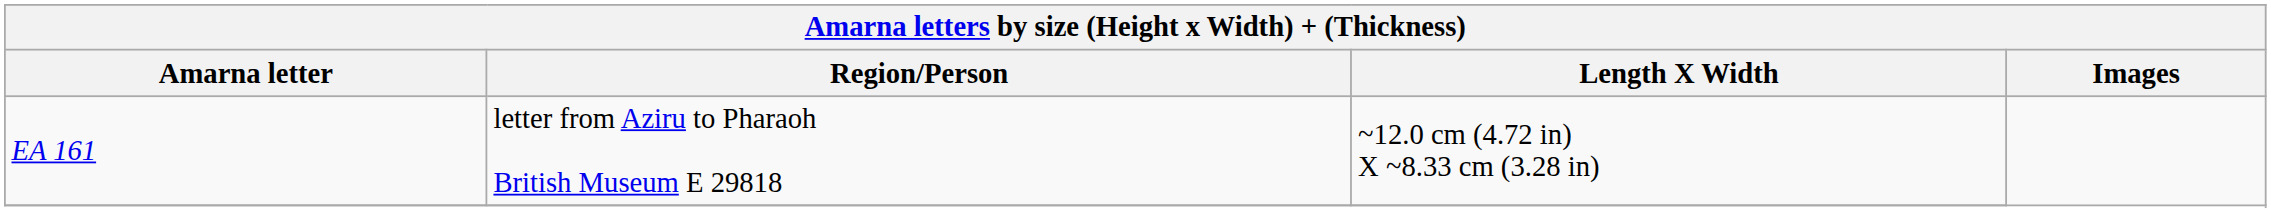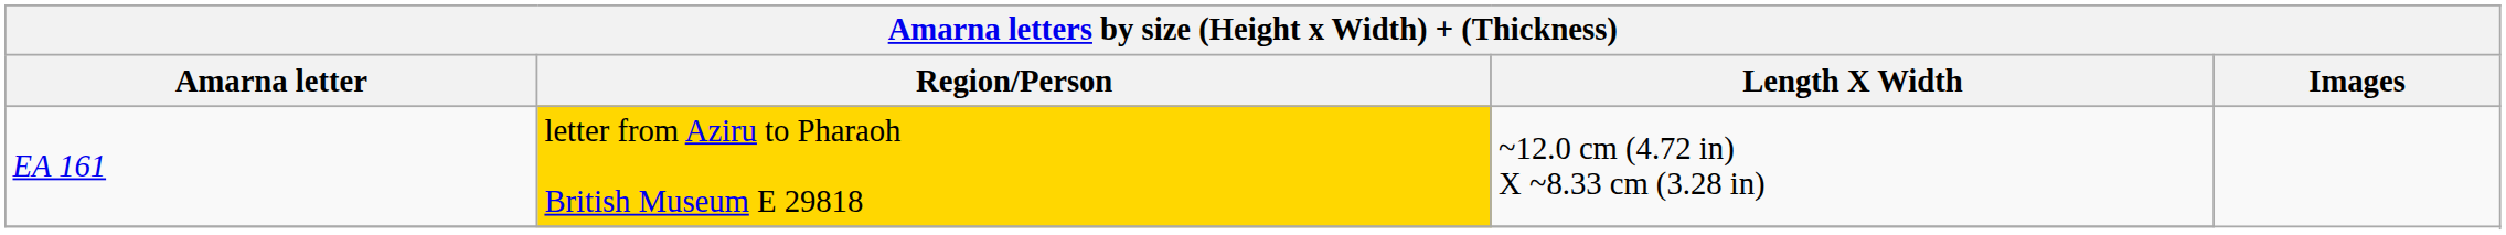 <table class="wikitable" align="center" width="100%">
 <tr>
 <th colspan="5" align="center"><strong><a href='#'>Amarna letters</a> by size (Height x Width) + (Thickness)</strong></th>
 </tr>
 <tr>
 <th>Amarna letter</th>
 <th>Region/Person</th>
 <th>Length X Width</th>
 <th>Images</th>
 </tr>
 <tr>
 <td><em><a href='#'>EA 161</a></em></td>
-<td>letter from <a href='#'>Aziru</a> to Pharaoh<br><br> <a href='#'>British Museum</a> E 29818</td>
+<td style="background: gold;">letter from <a href='#'>Aziru</a> to Pharaoh<br><br> <a href='#'>British Museum</a> E 29818</td>
 <td>~12.0 cm (4.72 in) <br>X ~8.33 cm (3.28 in)</td>
 <td rowspan="99"></td>
 </tr>
 <tr>
 </tr>
 </table>
